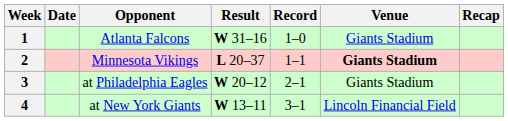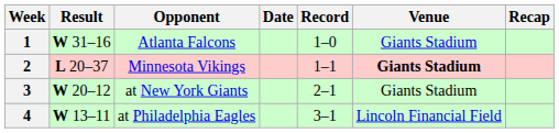 <table class="wikitable" style="text-align:center">
 <tr>
 <th>Week</th>
+<th>Result</th>
+<th>Opponent</th>
 <th>Date</th>
-<th>Opponent</th>
-<th>Result</th>
 <th>Record</th>
 <th>Venue</th>
 <th>Recap</th>
 </tr>
 <tr style="background:#cfc">
 <th>1</th>
+<td><strong>W</strong> 31–16</td>
+<td><a href='#'>Atlanta Falcons</a></td>
 <td></td>
-<td><a href='#'>Atlanta Falcons</a></td>
-<td><strong>W</strong> 31–16</td>
 <td>1–0</td>
 <td><a href='#'>Giants Stadium</a></td>
 <td></td>
 </tr>
 <tr style="background:#fcc">
 <th>2</th>
+<td><strong>L</strong> 20–37</td>
+<td><a href='#'>Minnesota Vikings</a></td>
 <td></td>
-<td><a href='#'>Minnesota Vikings</a></td>
-<td><strong>L</strong> 20–37</td>
 <td>1–1</td>
 <td><strong>Giants Stadium</strong></td>
 <td></td>
 </tr>
 <tr style="background:#cfc">
 <th>3</th>
+<td><strong>W</strong> 20–12</td>
+<td>at <a href='#'>New York Giants</a></td>
 <td></td>
-<td>at <a href='#'>Philadelphia Eagles</a></td>
-<td><strong>W</strong> 20–12</td>
 <td>2–1</td>
 <td>Giants Stadium</td>
 <td></td>
 </tr>
 <tr style="background:#cfc">
 <th>4</th>
+<td><strong>W</strong> 13–11</td>
+<td>at <a href='#'>Philadelphia Eagles</a></td>
 <td></td>
-<td>at <a href='#'>New York Giants</a></td>
-<td><strong>W</strong> 13–11</td>
 <td>3–1</td>
 <td><a href='#'>Lincoln Financial Field</a></td>
 <td></td>
 </tr>
 </table>
